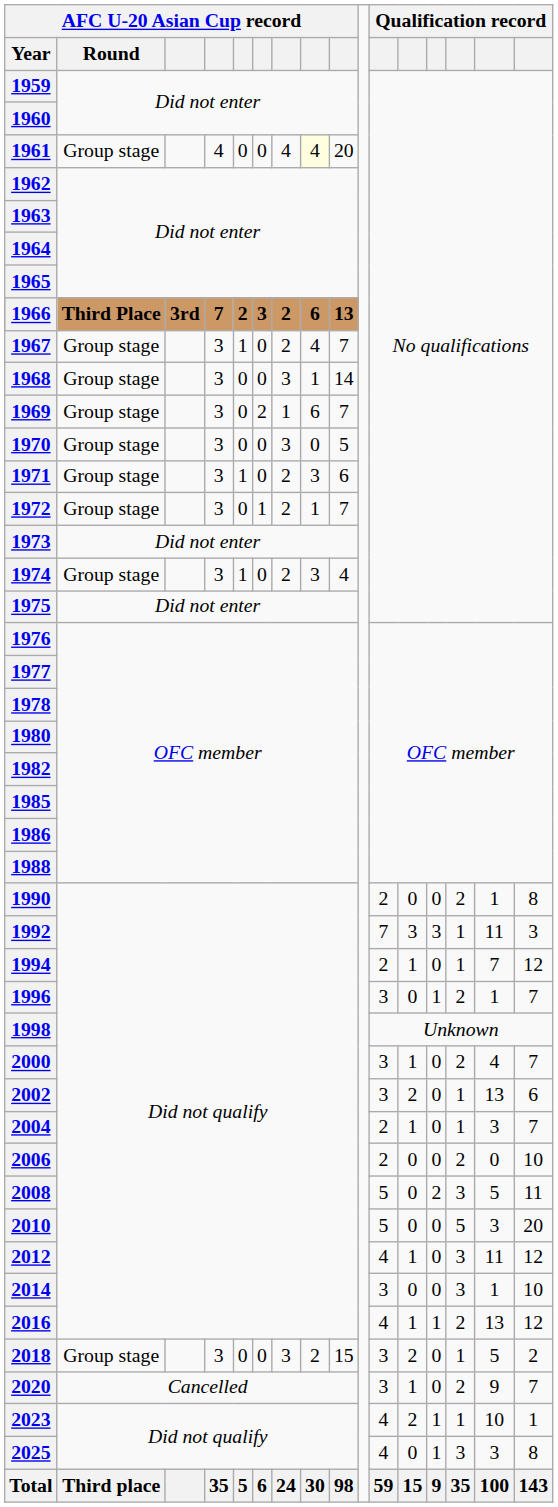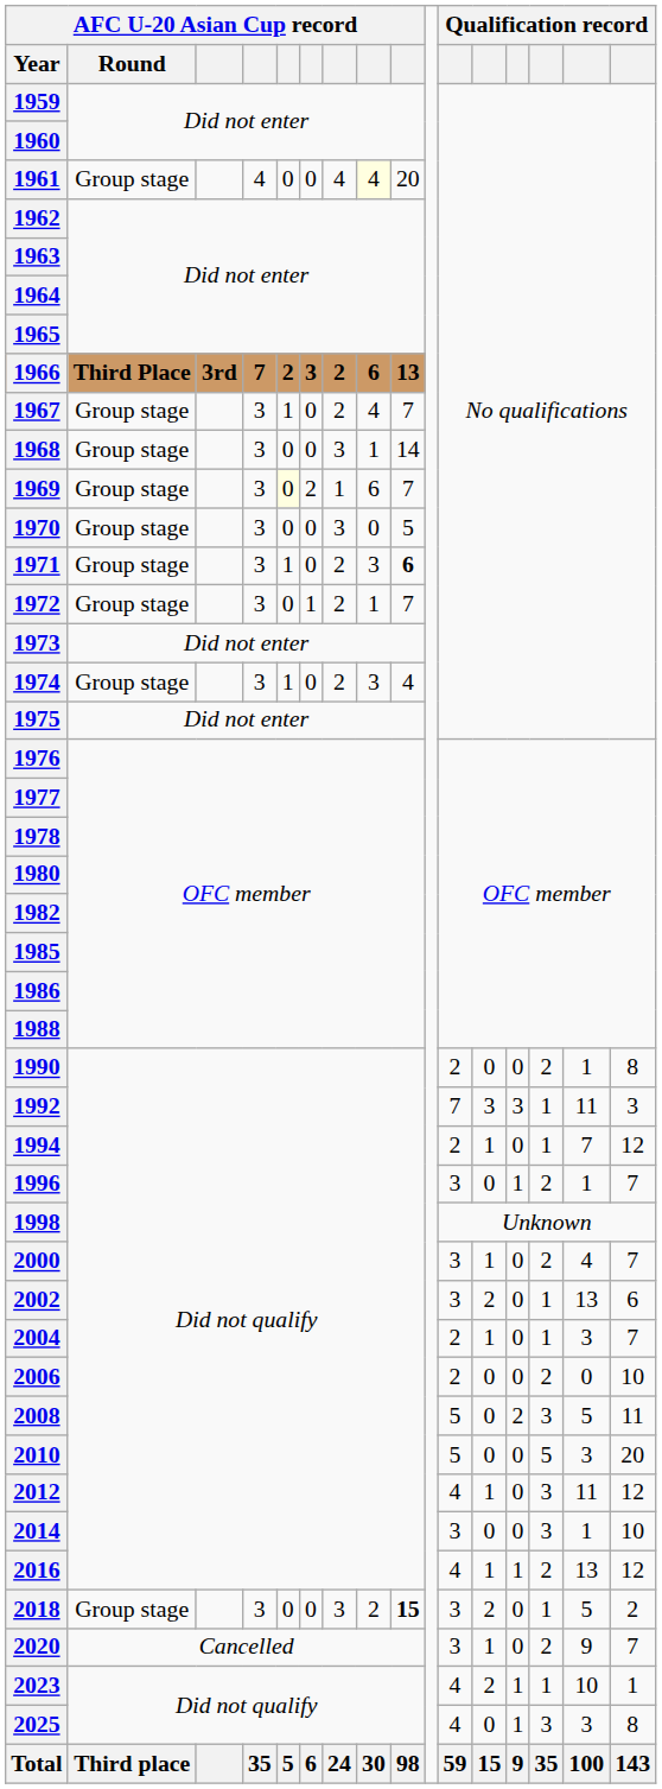 <table class="wikitable" style="font-size:90%; text-align:center;">
 <tr>
 <th colspan=9><a href='#'>AFC U-20 Asian Cup</a> record</th>
 <td width="1" rowspan="50"></td>
 <th colspan=6>Qualification record</th>
 </tr>
 <tr>
 <th scope="col">Year</th>
 <th scope="col">Round</th>
 <th scope="col"></th>
 <th scope="col"></th>
 <th scope="col"></th>
 <th scope="col"></th>
 <th scope="col"></th>
 <th scope="col"></th>
 <th scope="col"></th>
 <th scope="col"></th>
 <th scope="col"></th>
 <th scope="col"></th>
 <th scope="col"></th>
 <th scope="col"></th>
 <th scope="col"></th>
 </tr>
 <tr>
 <th> <a href='#'>1959</a></th>
 <td colspan="8" rowspan="2"><em>Did not enter</em></td>
 <td colspan="6" rowspan="17"><em>No qualifications</em></td>
 </tr>
 <tr>
 <th> <a href='#'>1960</a></th>
 </tr>
 <tr>
 <th> <a href='#'>1961</a></th>
 <td>Group stage</td>
 <td></td>
 <td>4</td>
 <td>0</td>
 <td>0</td>
 <td>4</td>
 <td style="background: lightyellow;">4</td>
 <td>20</td>
 </tr>
 <tr>
 <th> <a href='#'>1962</a></th>
 <td colspan="8" rowspan="4"><em>Did not enter</em></td>
 </tr>
 <tr>
 <th> <a href='#'>1963</a></th>
 </tr>
 <tr>
 <th> <a href='#'>1964</a></th>
 </tr>
 <tr>
 <th> <a href='#'>1965</a></th>
 </tr>
 <tr bgcolor="#cc9966">
 <th> <a href='#'>1966</a></th>
 <td><strong>Third Place</strong></td>
 <td><strong>3rd</strong></td>
 <td><strong>7</strong></td>
 <td><strong>2</strong></td>
 <td><strong>3</strong></td>
 <td><strong>2</strong></td>
 <td><strong>6</strong></td>
 <td><strong>13</strong></td>
 </tr>
 <tr>
 <th> <a href='#'>1967</a></th>
 <td>Group stage</td>
 <td></td>
 <td>3</td>
 <td>1</td>
 <td>0</td>
 <td>2</td>
 <td>4</td>
 <td>7</td>
 </tr>
 <tr>
 <th> <a href='#'>1968</a></th>
 <td>Group stage</td>
 <td></td>
 <td>3</td>
 <td>0</td>
 <td>0</td>
 <td>3</td>
 <td>1</td>
 <td>14</td>
 </tr>
 <tr>
 <th> <a href='#'>1969</a></th>
 <td>Group stage</td>
 <td></td>
 <td>3</td>
-<td>0</td>
+<td style="background: lightyellow;">0</td>
 <td>2</td>
 <td>1</td>
 <td>6</td>
 <td>7</td>
 </tr>
 <tr>
 <th> <a href='#'>1970</a></th>
 <td>Group stage</td>
 <td></td>
 <td>3</td>
 <td>0</td>
 <td>0</td>
 <td>3</td>
 <td>0</td>
 <td>5</td>
 </tr>
 <tr>
 <th> <a href='#'>1971</a></th>
 <td>Group stage</td>
 <td></td>
 <td>3</td>
 <td>1</td>
 <td>0</td>
 <td>2</td>
 <td>3</td>
-<td>6</td>
+<td><strong>6</strong></td>
 </tr>
 <tr>
 <th> <a href='#'>1972</a></th>
 <td>Group stage</td>
 <td></td>
 <td>3</td>
 <td>0</td>
 <td>1</td>
 <td>2</td>
 <td>1</td>
 <td>7</td>
 </tr>
 <tr>
 <th> <a href='#'>1973</a></th>
 <td colspan="8"><em>Did not enter</em></td>
 </tr>
 <tr>
 <th> <a href='#'>1974</a></th>
 <td>Group stage</td>
 <td></td>
 <td>3</td>
 <td>1</td>
 <td>0</td>
 <td>2</td>
 <td>3</td>
 <td>4</td>
 </tr>
 <tr>
 <th> <a href='#'>1975</a></th>
 <td colspan="8"><em>Did not enter</em></td>
 </tr>
 <tr>
 <th> <a href='#'>1976</a></th>
 <td colspan="8" rowspan=8><em><a href='#'>OFC</a> member</em></td>
 <td colspan="6" rowspan=8><em><a href='#'>OFC</a> member</em></td>
 </tr>
 <tr>
 <th> <a href='#'>1977</a></th>
 </tr>
 <tr>
 <th> <a href='#'>1978</a></th>
 </tr>
 <tr>
 <th> <a href='#'>1980</a></th>
 </tr>
 <tr>
 <th> <a href='#'>1982</a></th>
 </tr>
 <tr>
 <th> <a href='#'>1985</a></th>
 </tr>
 <tr>
 <th> <a href='#'>1986</a></th>
 </tr>
 <tr>
 <th> <a href='#'>1988</a></th>
 </tr>
 <tr>
 <th> <a href='#'>1990</a></th>
 <td colspan="8" rowspan=14><em>Did not qualify</em></td>
 <td>2</td>
 <td>0</td>
 <td>0</td>
 <td>2</td>
 <td>1</td>
 <td>8</td>
 </tr>
 <tr>
 <th> <a href='#'>1992</a></th>
 <td>7</td>
 <td>3</td>
 <td>3</td>
 <td>1</td>
 <td>11</td>
 <td>3</td>
 </tr>
 <tr>
 <th> <a href='#'>1994</a></th>
 <td>2</td>
 <td>1</td>
 <td>0</td>
 <td>1</td>
 <td>7</td>
 <td>12</td>
 </tr>
 <tr>
 <th> <a href='#'>1996</a></th>
 <td>3</td>
 <td>0</td>
 <td>1</td>
 <td>2</td>
 <td>1</td>
 <td>7</td>
 </tr>
 <tr>
 <th> <a href='#'>1998</a></th>
 <td colspan=6><em>Unknown</em></td>
 </tr>
 <tr>
 <th> <a href='#'>2000</a></th>
 <td>3</td>
 <td>1</td>
 <td>0</td>
 <td>2</td>
 <td>4</td>
 <td>7</td>
 </tr>
 <tr>
 <th> <a href='#'>2002</a></th>
 <td>3</td>
 <td>2</td>
 <td>0</td>
 <td>1</td>
 <td>13</td>
 <td>6</td>
 </tr>
 <tr>
 <th> <a href='#'>2004</a></th>
 <td>2</td>
 <td>1</td>
 <td>0</td>
 <td>1</td>
 <td>3</td>
 <td>7</td>
 </tr>
 <tr>
 <th> <a href='#'>2006</a></th>
 <td>2</td>
 <td>0</td>
 <td>0</td>
 <td>2</td>
 <td>0</td>
 <td>10</td>
 </tr>
 <tr>
 <th> <a href='#'>2008</a></th>
 <td>5</td>
 <td>0</td>
 <td>2</td>
 <td>3</td>
 <td>5</td>
 <td>11</td>
 </tr>
 <tr>
 <th> <a href='#'>2010</a></th>
 <td>5</td>
 <td>0</td>
 <td>0</td>
 <td>5</td>
 <td>3</td>
 <td>20</td>
 </tr>
 <tr>
 <th> <a href='#'>2012</a></th>
 <td>4</td>
 <td>1</td>
 <td>0</td>
 <td>3</td>
 <td>11</td>
 <td>12</td>
 </tr>
 <tr>
 <th> <a href='#'>2014</a></th>
 <td>3</td>
 <td>0</td>
 <td>0</td>
 <td>3</td>
 <td>1</td>
 <td>10</td>
 </tr>
 <tr>
 <th> <a href='#'>2016</a></th>
 <td>4</td>
 <td>1</td>
 <td>1</td>
 <td>2</td>
 <td>13</td>
 <td>12</td>
 </tr>
 <tr>
 <th> <a href='#'>2018</a></th>
 <td>Group stage</td>
 <td></td>
 <td>3</td>
 <td>0</td>
 <td>0</td>
 <td>3</td>
 <td>2</td>
-<td>15</td>
+<td><strong>15</strong></td>
 <td>3</td>
 <td>2</td>
 <td>0</td>
 <td>1</td>
 <td>5</td>
 <td>2</td>
 </tr>
 <tr>
 <th> <a href='#'>2020</a></th>
 <td colspan=8><em>Cancelled</em></td>
 <td>3</td>
 <td>1</td>
 <td>0</td>
 <td>2</td>
 <td>9</td>
 <td>7</td>
 </tr>
 <tr>
 <th> <a href='#'>2023</a></th>
 <td colspan="8" rowspan=2><em>Did not qualify</em></td>
 <td>4</td>
 <td>2</td>
 <td>1</td>
 <td>1</td>
 <td>10</td>
 <td>1</td>
 </tr>
 <tr>
 <th> <a href='#'>2025</a></th>
 <td>4</td>
 <td>0</td>
 <td>1</td>
 <td>3</td>
 <td>3</td>
 <td>8</td>
 </tr>
 <tr>
 <th><strong>Total</strong></th>
 <th><strong>Third place</strong></th>
 <th></th>
 <th><strong>35</strong></th>
 <th><strong>5</strong></th>
 <th><strong>6</strong></th>
 <th><strong>24</strong></th>
 <th><strong>30</strong></th>
 <th><strong>98</strong></th>
 <th>59</th>
 <th>15</th>
 <th>9</th>
 <th>35</th>
 <th>100</th>
 <th>143</th>
 </tr>
 </table>
